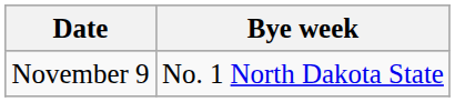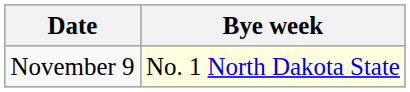 <table class="wikitable" style="font-size:95%;">
 <tr>
 <th>Date</th>
 <th>Bye week</th>
 </tr>
 <tr>
 <td>November 9</td>
-<td>No. 1 <a href='#'>North Dakota State</a></td>
+<td style="background: lightyellow;">No. 1 <a href='#'>North Dakota State</a></td>
 </tr>
 </table>
